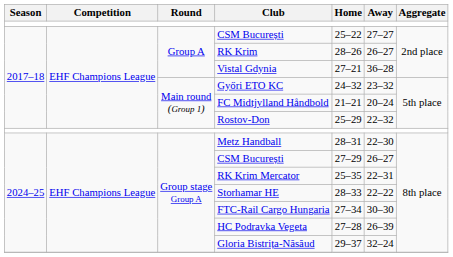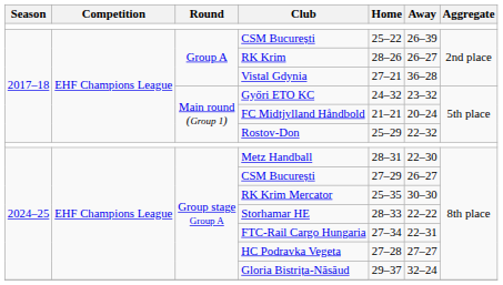 <table class="wikitable">
 <tr>
 <th>Season</th>
 <th>Competition</th>
 <th>Round</th>
 <th>Club</th>
 <th>Home</th>
 <th>Away</th>
 <th>Aggregate</th>
 </tr>
 <tr>
 <td colspan="7" bgcolor=white></td>
 </tr>
 <tr>
 <td rowspan="6"><a href='#'>2017–18</a></td>
 <td rowspan="6"><a href='#'>EHF Champions League</a></td>
 <td rowspan="3" style="text-align:center;"><a href='#'>Group A</a></td>
 <td> <a href='#'>CSM București</a></td>
 <td style="text-align:center;">25–22</td>
-<td style="text-align:center;">27–27</td>
+<td style="text-align:center;">26–39</td>
 <td rowspan="3" style="text-align:center;">2nd place</td>
 </tr>
 <tr>
 <td> <a href='#'>RK Krim</a></td>
 <td style="text-align:center;">28–26</td>
 <td style="text-align:center;">26–27</td>
 </tr>
 <tr>
 <td> <a href='#'>Vistal Gdynia</a></td>
 <td style="text-align:center;">27–21</td>
 <td style="text-align:center;">36–28</td>
 </tr>
 <tr>
 <td rowspan="3" style="text-align:center;"><a href='#'>Main round</a><br><em>(<small>Group 1</small>)</em></td>
 <td> <a href='#'>Győri ETO KC</a></td>
 <td style="text-align:center;">24–32</td>
 <td style="text-align:center;">23–32</td>
 <td rowspan="3" style="text-align:center;">5th place</td>
 </tr>
 <tr>
 <td> <a href='#'>FC Midtjylland Håndbold</a></td>
 <td style="text-align:center;">21–21</td>
 <td style="text-align:center;">20–24</td>
 </tr>
 <tr>
 <td> <a href='#'>Rostov-Don</a></td>
 <td style="text-align:center;">25–29</td>
 <td style="text-align:center;">22–32</td>
 </tr>
 <tr>
 <td colspan="7" bgcolor=white></td>
 </tr>
 <tr>
 <td rowspan=7><a href='#'>2024–25</a></td>
 <td rowspan=7><a href='#'>EHF Champions League</a></td>
 <td rowspan=7 style="text-align:center;"><a href='#'>Group stage<br><small>Group A</small></a></td>
 <td> <a href='#'>Metz Handball</a></td>
 <td style="text-align:center;">28–31</td>
 <td style="text-align:center;">22–30</td>
 <td align=center rowspan=7>8th place</td>
 </tr>
 <tr>
 <td> <a href='#'>CSM București</a></td>
 <td style="text-align:center;">27–29</td>
 <td style="text-align:center;">26–27</td>
 </tr>
 <tr>
 <td> <a href='#'>RK Krim Mercator</a></td>
 <td style="text-align:center;">25–35</td>
-<td style="text-align:center;">22–31</td>
+<td style="text-align:center;">30–30</td>
 </tr>
 <tr>
 <td> <a href='#'>Storhamar HE</a></td>
 <td style="text-align:center;">28–33</td>
 <td style="text-align:center;">22–22</td>
 </tr>
 <tr>
 <td> <a href='#'>FTC-Rail Cargo Hungaria</a></td>
 <td style="text-align:center;">27–34</td>
-<td style="text-align:center;">30–30</td>
+<td style="text-align:center;">22–31</td>
 </tr>
 <tr>
 <td> <a href='#'>HC Podravka Vegeta</a></td>
 <td style="text-align:center;">27–28</td>
-<td style="text-align:center;">26–39</td>
+<td style="text-align:center;">27–27</td>
 </tr>
 <tr>
 <td> <a href='#'>Gloria Bistrița-Năsăud</a></td>
 <td style="text-align:center;">29–37</td>
 <td style="text-align:center;">32–24</td>
 </tr>
 <tr>
 </tr>
 </table>
